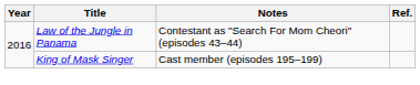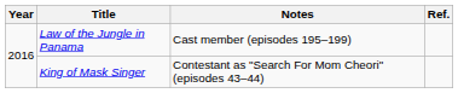 <table class="wikitable sortable">
 <tr>
 <th>Year</th>
 <th>Title</th>
 <th>Notes</th>
 <th>Ref.</th>
 </tr>
 <tr>
 <td rowspan="2">2016</td>
 <td><em><a href='#'>Law of the Jungle in Panama</a></em></td>
-<td>Contestant as "Search For Mom Cheori" (episodes 43–44)</td>
+<td>Cast member (episodes 195–199)</td>
 <td></td>
 </tr>
 <tr>
 <td><em><a href='#'>King of Mask Singer</a></em></td>
-<td>Cast member (episodes 195–199)</td>
+<td>Contestant as "Search For Mom Cheori" (episodes 43–44)</td>
 <td></td>
 </tr>
 </table>
